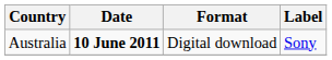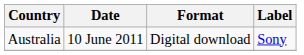 <table class="wikitable">
 <tr>
 <th>Country</th>
 <th>Date</th>
 <th>Format</th>
 <th>Label</th>
 </tr>
 <tr>
 <td>Australia</td>
-<td><strong>10 June 2011</strong></td>
+<td>10 June 2011</td>
 <td>Digital download</td>
 <td><a href='#'>Sony</a></td>
 </tr>
 <tr>
 </tr>
 </table>
